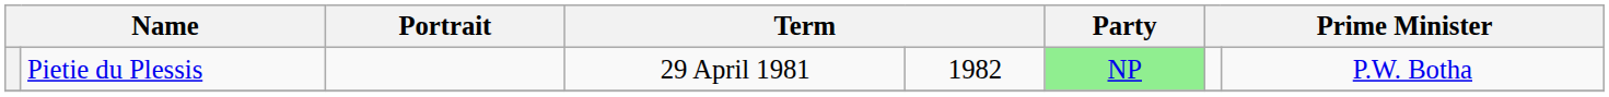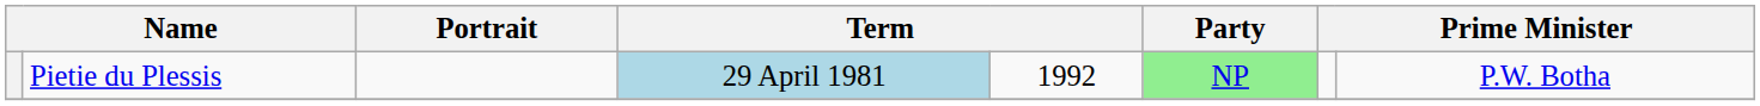 <table class="wikitable" width=60%>
 <tr>
 <th colspan=2 width=20%>Name</th>
 <th width=75>Portrait</th>
 <th colspan=2 width=30%>Term</th>
 <th width=10%>Party</th>
 <th colspan=2 width=25%>Prime Minister</th>
 </tr>
 <tr style="text-align:center">
 <th style="width:1%;background-color: "></th>
 <td align=left><a href='#'>Pietie du Plessis</a></td>
 <td></td>
-<td>29 April 1981</td>
-<td>1982</td>
+<td style="background: lightblue;">29 April 1981</td>
+<td>1992</td>
 <td style="background: lightgreen;"><a href='#'>NP</a></td>
 <td style="width:1%;background-color: "></td>
 <td><a href='#'>P.W. Botha</a><br> </td>
 </tr>
 <tr>
 </tr>
 </table>
